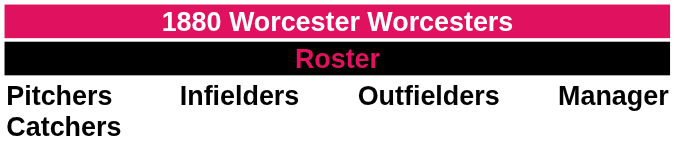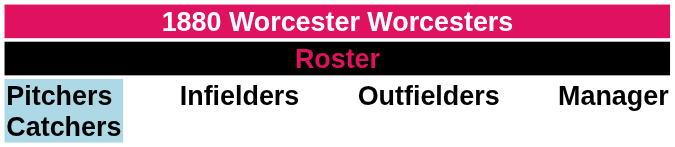 <table class="toccolours" style="font-size: 95%;">
 <tr>
 <th colspan="10" style="background-color: #E0115F; color: white; text-align: center;">1880 Worcester Worcesters</th>
 </tr>
 <tr>
 <td colspan="10" style="background-color: black; color: #E0115F; text-align: center;"><strong>Roster</strong></td>
 </tr>
 <tr>
-<td valign="top"><strong>Pitchers</strong><br>  <strong>Catchers</strong>  </td>
+<td valign="top" style="background: lightblue;"><strong>Pitchers</strong><br>  <strong>Catchers</strong>  </td>
 <td width="25px"></td>
 <td valign="top"><strong>Infielders</strong><br>     </td>
 <td width="25px"></td>
 <td valign="top"><strong>Outfielders</strong><br>        </td>
 <td width="25px"></td>
 <td valign="top"><strong>Manager</strong><br></td>
 </tr>
 </table>
